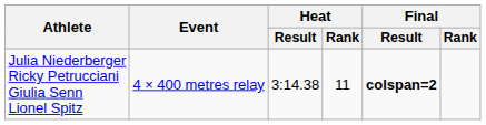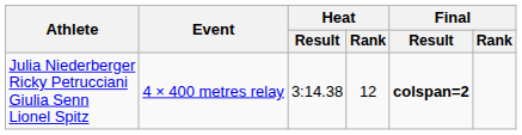 <table class="wikitable" style="font-size:90%">
 <tr>
 <th rowspan="2">Athlete</th>
 <th rowspan="2">Event</th>
 <th colspan="2">Heat</th>
 <th colspan="2">Final</th>
 </tr>
 <tr style="font-size:95%">
 <th>Result</th>
 <th>Rank</th>
 <th>Result</th>
 <th>Rank</th>
 </tr>
 <tr align=center>
 <td align=left><a href='#'>Julia Niederberger</a><br><a href='#'>Ricky Petrucciani</a><br><a href='#'>Giulia Senn</a><br><a href='#'>Lionel Spitz</a></td>
 <td align=left><a href='#'>4 × 400 metres relay</a></td>
 <td>3:14.38</td>
-<td>11</td>
+<td>12</td>
 <td><strong>colspan=2 </strong></td>
 </tr>
 </table>
